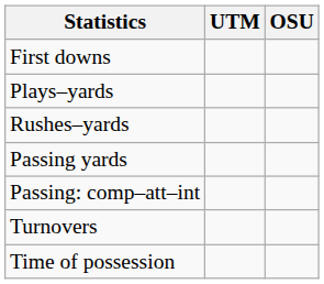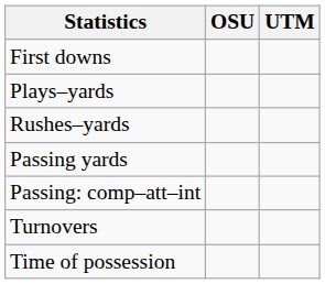 <table class="wikitable" style="float:left">
 <tr>
 <th>Statistics</th>
+<th>OSU</th>
 <th>UTM</th>
-<th>OSU</th>
 </tr>
 <tr>
 <td>First downs</td>
 <td></td>
 <td></td>
 </tr>
 <tr>
 <td>Plays–yards</td>
 <td></td>
 <td></td>
 </tr>
 <tr>
 <td>Rushes–yards</td>
 <td></td>
 <td></td>
 </tr>
 <tr>
 <td>Passing yards</td>
 <td></td>
 <td></td>
 </tr>
 <tr>
 <td>Passing: comp–att–int</td>
 <td></td>
 <td></td>
 </tr>
 <tr>
 <td>Turnovers</td>
 <td></td>
 <td></td>
 </tr>
 <tr>
 <td>Time of possession</td>
 <td></td>
 <td></td>
 </tr>
 </table>
